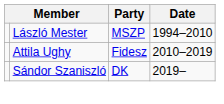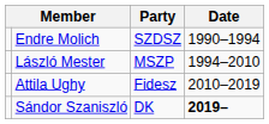 <table class=wikitable>
 <tr>
 <th colspan=2>Member</th>
 <th>Party</th>
 <th>Date</th>
+</tr>
+<tr>
+<td style="background-color:"></td>
+<td><a href='#'>Endre Molich</a></td>
+<td><a href='#'>SZDSZ</a></td>
+<td>1990–1994</td>
 </tr>
 <tr>
 <td style="background-color:"></td>
 <td><a href='#'>László Mester</a></td>
 <td><a href='#'>MSZP</a></td>
 <td>1994–2010</td>
 </tr>
 <tr>
 <td style="background-color:"></td>
 <td><a href='#'>Attila Ughy</a></td>
 <td><a href='#'>Fidesz</a></td>
 <td>2010–2019</td>
 </tr>
 <tr>
 <td style="background-color:"></td>
 <td><a href='#'>Sándor Szaniszló</a></td>
 <td><a href='#'>DK</a></td>
-<td>2019–</td>
+<td><strong>2019–</strong></td>
 </tr>
 </table>
